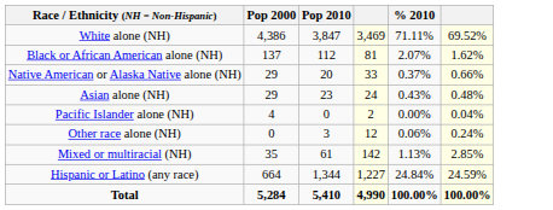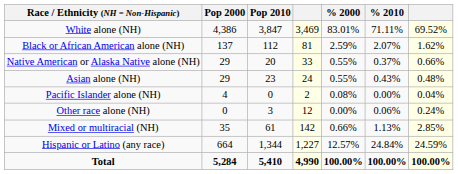 <table class="wikitable" style="text-align:center;">
 <tr>
 <th>Race / Ethnicity <small>(<em>NH = Non-Hispanic</em>)</small></th>
 <th>Pop 2000</th>
 <th>Pop 2010</th>
 <th></th>
+<th>% 2000</th>
 <th>% 2010</th>
 <th></th>
 </tr>
 <tr>
 <td><a href='#'>White</a> alone (NH)</td>
 <td>4,386</td>
 <td>3,847</td>
 <td style='background: #ffffe6;'>3,469</td>
+<td>83.01%</td>
 <td>71.11%</td>
 <td style='background: #ffffe6;'>69.52%</td>
 </tr>
 <tr>
 <td><a href='#'>Black or African American</a> alone (NH)</td>
 <td>137</td>
 <td>112</td>
 <td style='background: #ffffe6;'>81</td>
+<td>2.59%</td>
 <td>2.07%</td>
 <td style='background: #ffffe6;'>1.62%</td>
 </tr>
 <tr>
 <td><a href='#'>Native American</a> or <a href='#'>Alaska Native</a> alone (NH)</td>
 <td>29</td>
 <td>20</td>
 <td style='background: #ffffe6;'>33</td>
+<td>0.55%</td>
 <td>0.37%</td>
 <td style='background: #ffffe6;'>0.66%</td>
 </tr>
 <tr>
 <td><a href='#'>Asian</a> alone (NH)</td>
 <td>29</td>
 <td>23</td>
 <td style='background: #ffffe6;'>24</td>
+<td>0.55%</td>
 <td>0.43%</td>
 <td style='background: #ffffe6;'>0.48%</td>
 </tr>
 <tr>
 <td><a href='#'>Pacific Islander</a> alone (NH)</td>
 <td>4</td>
 <td>0</td>
 <td style='background: #ffffe6;'>2</td>
+<td>0.08%</td>
 <td>0.00%</td>
 <td style='background: #ffffe6;'>0.04%</td>
 </tr>
 <tr>
 <td><a href='#'>Other race</a> alone (NH)</td>
 <td>0</td>
 <td>3</td>
 <td style='background: #ffffe6;'>12</td>
+<td>0.00%</td>
 <td>0.06%</td>
 <td style='background: #ffffe6;'>0.24%</td>
 </tr>
 <tr>
 <td><a href='#'>Mixed or multiracial</a> (NH)</td>
 <td>35</td>
 <td>61</td>
 <td style='background: #ffffe6;'>142</td>
+<td>0.66%</td>
 <td>1.13%</td>
 <td style='background: #ffffe6;'>2.85%</td>
 </tr>
 <tr>
 <td><a href='#'>Hispanic or Latino</a> (any race)</td>
 <td>664</td>
 <td>1,344</td>
 <td style='background: #ffffe6;'>1,227</td>
+<td>12.57%</td>
 <td>24.84%</td>
 <td style='background: #ffffe6;'>24.59%</td>
 </tr>
 <tr>
 <td><strong>Total</strong></td>
 <td><strong>5,284</strong></td>
 <td><strong>5,410</strong></td>
 <td style='background: #ffffe6;'><strong>4,990</strong></td>
 <td><strong>100.00%</strong></td>
+<td><strong>100.00%</strong></td>
 <td style='background: #ffffe6;'><strong>100.00%</strong></td>
 </tr>
 </table>
